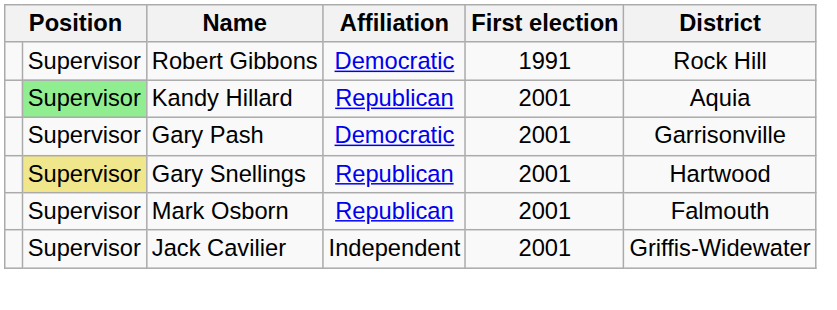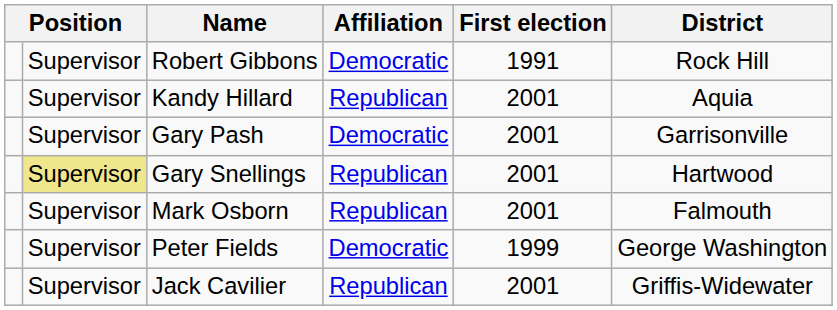 <table class=wikitable>
 <tr>
 <th colspan=2 align=center valign=bottom>Position</th>
 <th style="text-align:center;">Name</th>
 <th valign=bottom>Affiliation</th>
 <th valign=bottom align=center>First election</th>
 <th valign=bottom align=center>District</th>
 </tr>
 <tr>
 <td style="background-color:"> </td>
 <td>Supervisor</td>
 <td>Robert Gibbons</td>
 <td style="text-align:center;"><a href='#'>Democratic</a></td>
 <td style="text-align:center;">1991</td>
 <td style="text-align:center;">Rock Hill</td>
 </tr>
 <tr>
 <td style="background-color:"> </td>
-<td style="background: lightgreen;">Supervisor</td>
+<td>Supervisor</td>
 <td>Kandy Hillard</td>
 <td style="text-align:center;"><a href='#'>Republican</a></td>
 <td style="text-align:center;">2001</td>
 <td style="text-align:center;">Aquia</td>
 </tr>
 <tr>
 <td style="background-color:"> </td>
 <td>Supervisor</td>
 <td>Gary Pash</td>
 <td style="text-align:center;"><a href='#'>Democratic</a></td>
 <td style="text-align:center;">2001</td>
 <td style="text-align:center;">Garrisonville</td>
 </tr>
 <tr>
 <td style="background-color:"> </td>
 <td style="background: khaki;">Supervisor</td>
 <td>Gary Snellings</td>
 <td style="text-align:center;"><a href='#'>Republican</a></td>
 <td style="text-align:center;">2001</td>
 <td style="text-align:center;">Hartwood</td>
 </tr>
 <tr>
 <td style="background-color:"> </td>
 <td>Supervisor</td>
 <td>Mark Osborn</td>
 <td style="text-align:center;"><a href='#'>Republican</a></td>
 <td style="text-align:center;">2001</td>
 <td style="text-align:center;">Falmouth</td>
 </tr>
 <tr>
 <td style="background-color:"> </td>
 <td>Supervisor</td>
+<td>Peter Fields</td>
+<td style="text-align:center;"><a href='#'>Democratic</a></td>
+<td style="text-align:center;">1999</td>
+<td style="text-align:center;">George Washington</td>
+</tr>
+<tr>
+<td style="background-color:"> </td>
+<td>Supervisor</td>
 <td>Jack Cavilier</td>
-<td style="text-align:center;">Independent</td>
+<td style="text-align:center;"><a href='#'>Republican</a></td>
 <td style="text-align:center;">2001</td>
 <td style="text-align:center;">Griffis-Widewater</td>
 </tr>
 </table>
